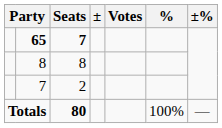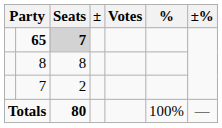 <table class=wikitable>
 <tr>
 <th colspan=2 align=center>Party</th>
 <th valign=top>Seats</th>
 <th valign=top>±</th>
 <th valign=top>Votes</th>
 <th valign=top>%</th>
 <th valign=top>±%</th>
 </tr>
 <tr>
 <td></td>
 <td align=right><strong>65</strong></td>
-<td align=right><strong>7</strong></td>
+<td align=right style="background: lightgrey;"><strong>7</strong></td>
 <td align=right></td>
 <td align=right></td>
 <td align=right></td>
 </tr>
 <tr>
 <td></td>
 <td align=right>8</td>
 <td align=right>8</td>
 <td align=right></td>
 <td align=right></td>
 <td align=right></td>
 </tr>
 <tr>
 <td></td>
 <td align=right>7</td>
 <td align=right>2</td>
 <td align=right></td>
 <td align=right></td>
 <td align=right></td>
 </tr>
 <tr>
 <td colspan=2 align=center><strong>Totals</strong></td>
 <td align=right><strong>80</strong></td>
 <td align=center></td>
 <td align=right></td>
 <td align=center>100%</td>
 <td align=center>—</td>
 </tr>
 </table>
